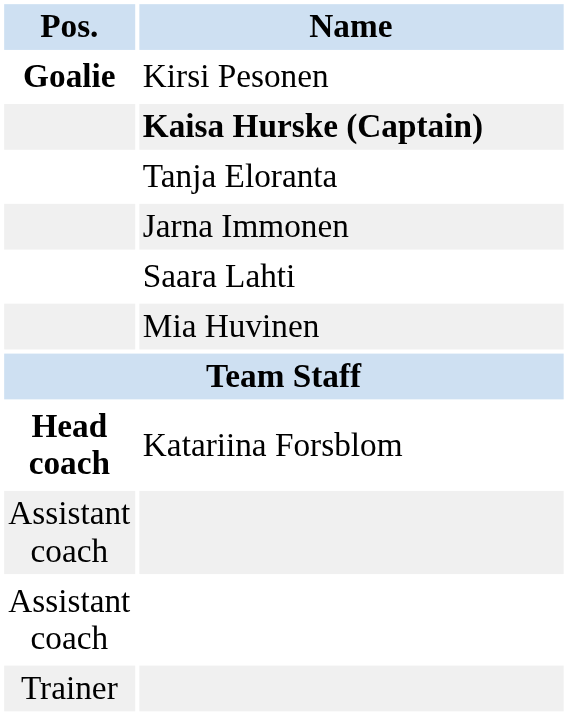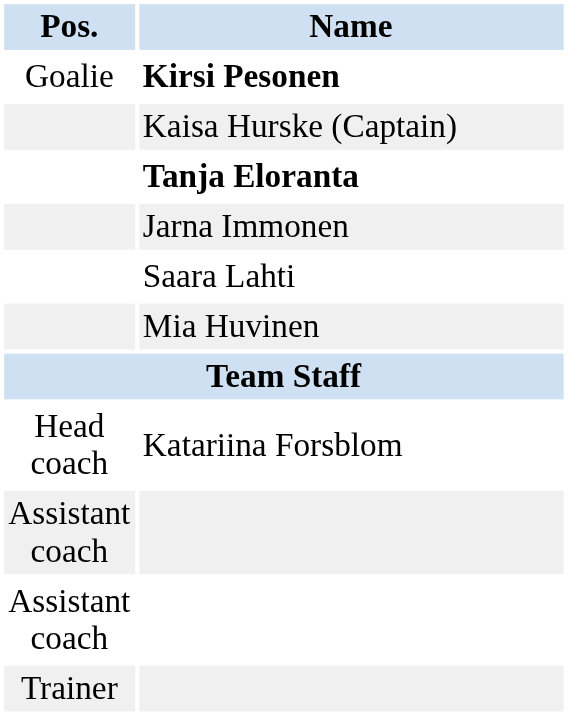 <table border="0" cellspacing="2" cellpadding="2">
 <tr bgcolor=#CEE0F2>
 <th width=40>Pos.</th>
 <th width=200>Name</th>
 </tr>
 <tr>
-<td align=center><strong>Goalie</strong></td>
-<td>Kirsi Pesonen</td>
+<td align=center>Goalie</td>
+<td><strong>Kirsi Pesonen</strong></td>
 </tr>
 <tr bgcolor="#f0f0f0">
 <td align=center></td>
-<td><strong>Kaisa Hurske (Captain)</strong></td>
+<td>Kaisa Hurske (Captain)</td>
 </tr>
 <tr>
 <td align=center></td>
-<td>Tanja Eloranta</td>
+<td><strong>Tanja Eloranta</strong></td>
 </tr>
 <tr bgcolor="#f0f0f0">
 <td align=center></td>
 <td>Jarna Immonen</td>
 </tr>
 <tr>
 <td align=center></td>
 <td>Saara Lahti</td>
 </tr>
 <tr bgcolor="#f0f0f0">
 <td align=center></td>
 <td>Mia Huvinen</td>
 </tr>
 <tr>
 <th style=background:#CEE0F2 colspan=3>Team Staff</th>
 </tr>
 <tr>
-<td align=center><strong>Head coach</strong></td>
+<td align=center>Head coach</td>
 <td>Katariina Forsblom</td>
 </tr>
 <tr bgcolor="#f0f0f0">
 <td align=center>Assistant coach</td>
 <td></td>
 </tr>
 <tr>
 <td align=center>Assistant coach</td>
 <td></td>
 </tr>
 <tr bgcolor="#f0f0f0">
 <td align=center>Trainer</td>
 <td></td>
 </tr>
 </table>
